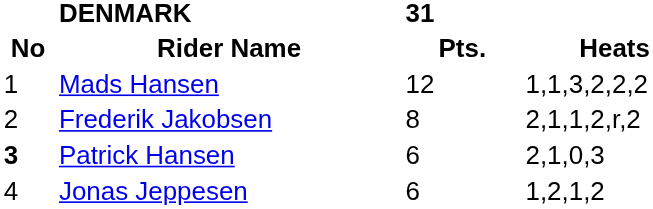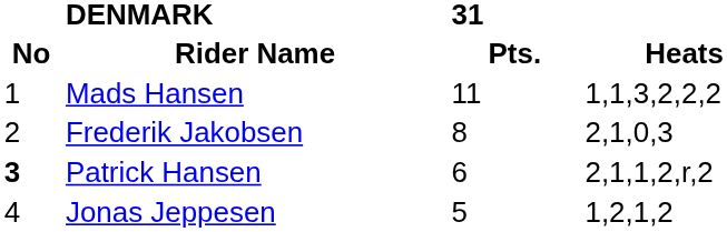 <table class="toccolours">
 <tr>
 <td></td>
 <td><strong>DENMARK</strong></td>
 <td><strong>31</strong></td>
 </tr>
 <tr style="background-color:">
 <th width=30px>No</th>
 <th width=210px>Rider Name</th>
 <th width=70px>Pts.</th>
 <th width=110px>Heats</th>
 </tr>
 <tr style="background-color:">
 <td>1</td>
 <td><a href='#'>Mads Hansen</a></td>
-<td>12</td>
+<td>11</td>
 <td>1,1,3,2,2,2</td>
 </tr>
 <tr style="background-color:">
 <td>2</td>
 <td><a href='#'>Frederik Jakobsen</a></td>
 <td>8</td>
-<td>2,1,1,2,r,2</td>
+<td>2,1,0,3</td>
 </tr>
 <tr style="background-color:">
 <td><strong>3</strong></td>
 <td><a href='#'>Patrick Hansen</a></td>
 <td>6</td>
-<td>2,1,0,3</td>
+<td>2,1,1,2,r,2</td>
 </tr>
 <tr style="background-color:">
 <td>4</td>
 <td><a href='#'>Jonas Jeppesen</a></td>
-<td>6</td>
+<td>5</td>
 <td>1,2,1,2</td>
 </tr>
 </table>
